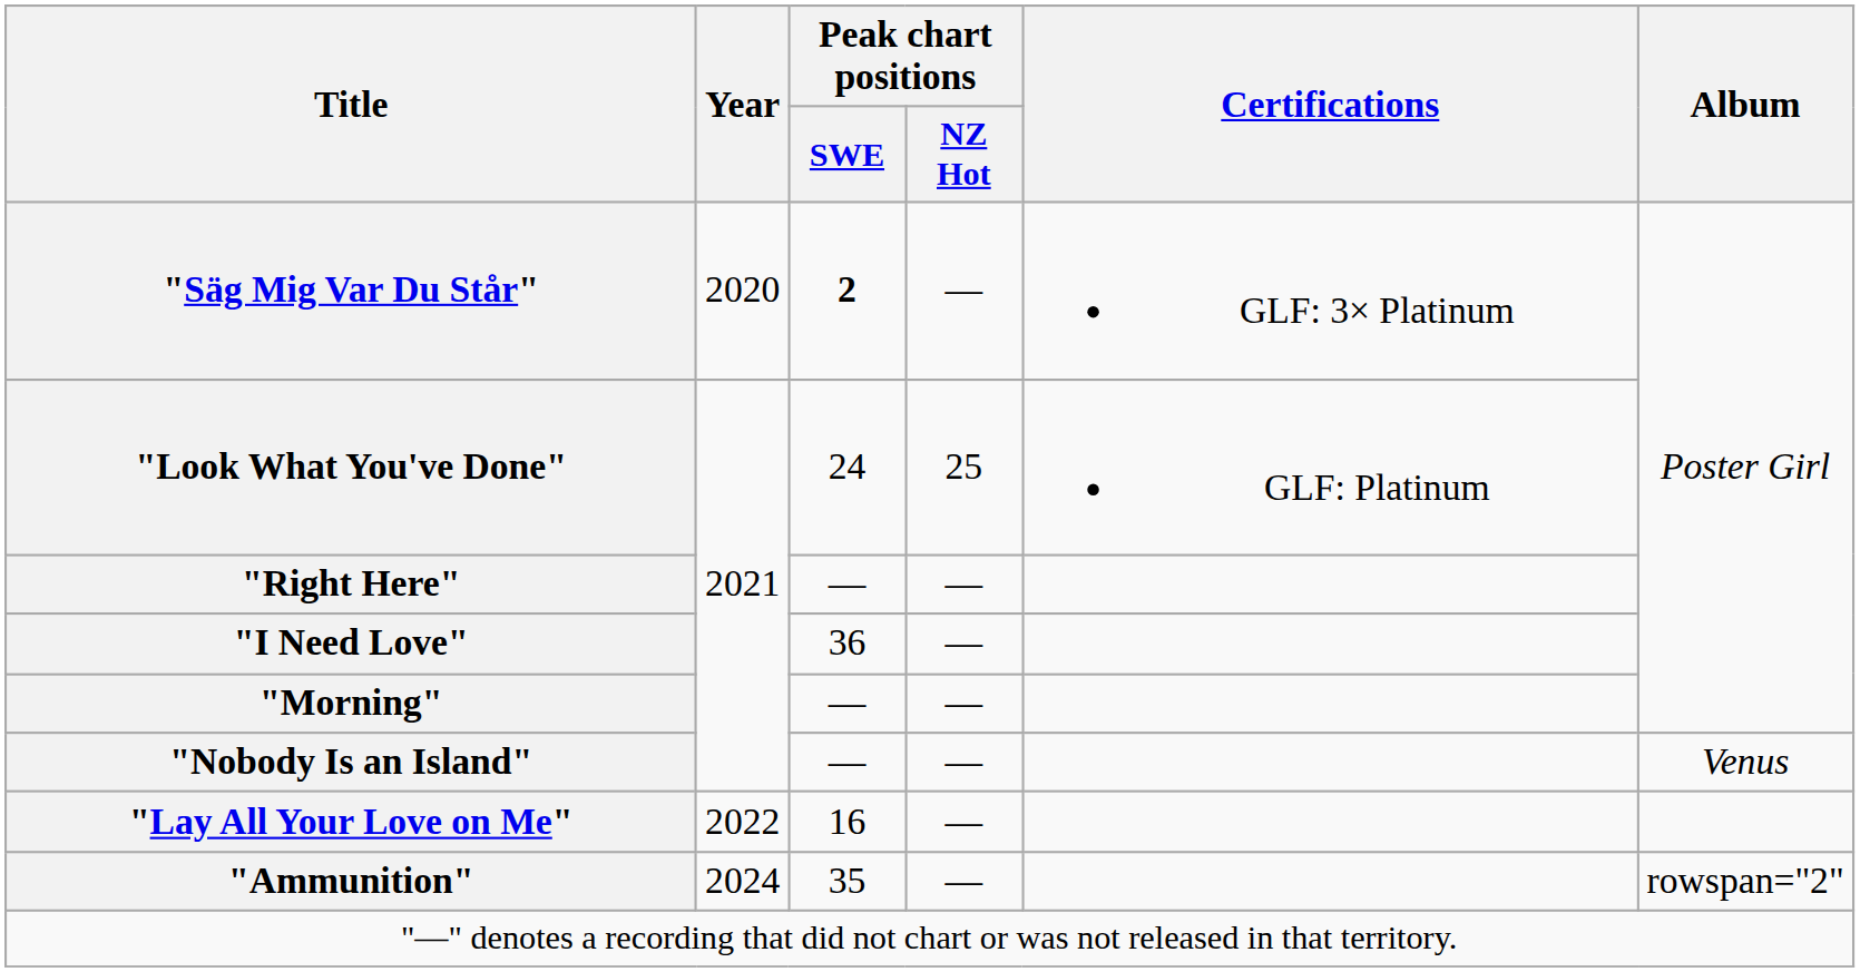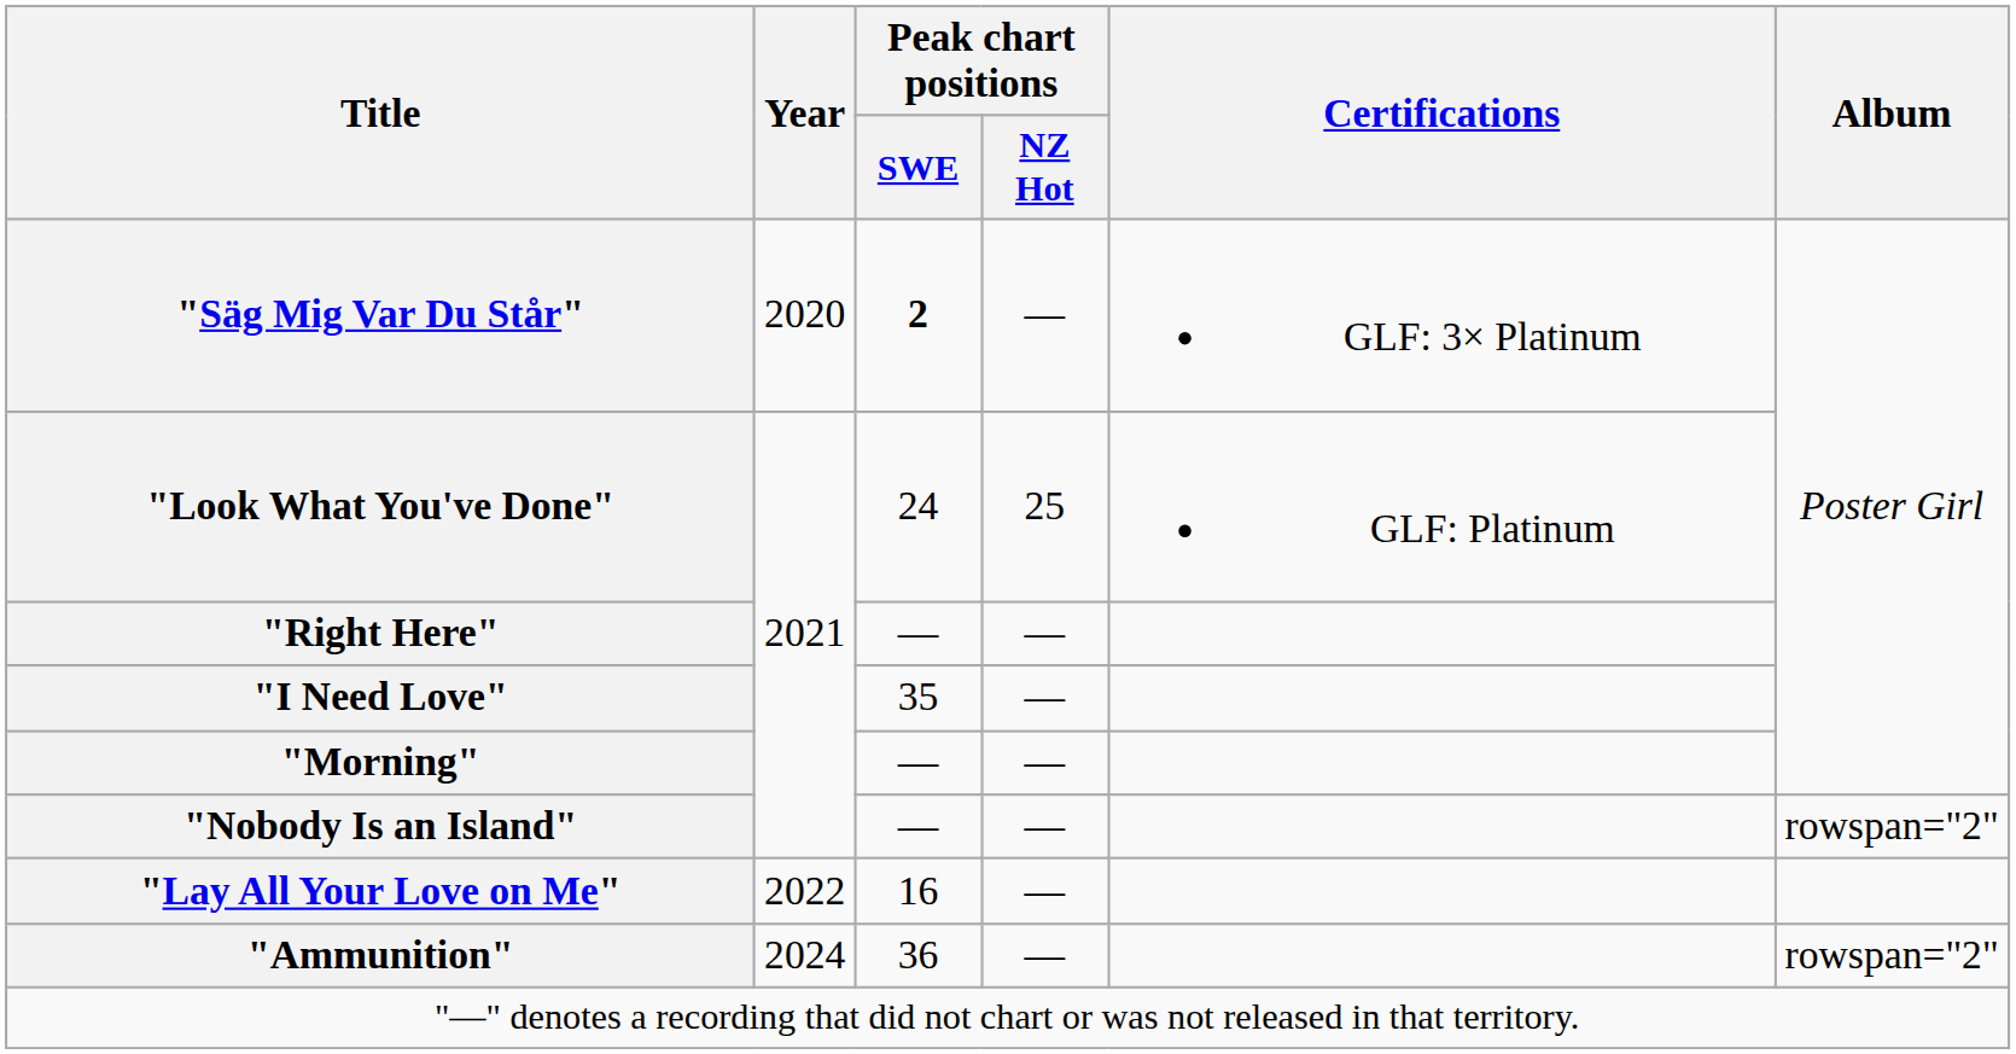 <table class="wikitable plainrowheaders" style="text-align:center;">
 <tr>
 <th scope="col" rowspan="2" style="width:18em;">Title</th>
 <th scope="col" rowspan="2" style="width:1em;">Year</th>
 <th scope="col" colspan="2">Peak chart positions</th>
 <th scope="col" rowspan="2"style="width:16em;"><a href='#'>Certifications</a></th>
 <th scope="col" rowspan="2">Album</th>
 </tr>
 <tr>
 <th scope="col" style="width:3em;font-size:90%;"><a href='#'>SWE</a><br></th>
 <th scope="col" style="width:3em;font-size:90%;"><a href='#'>NZ<br>Hot</a><br></th>
 </tr>
 <tr>
 <th scope="row">"<a href='#'>Säg Mig Var Du Står</a>" <br></th>
 <td>2020</td>
 <td><strong>2</strong></td>
 <td>—</td>
 <td><br><ul><li>GLF: 3× Platinum</li></ul></td>
 <td rowspan="5"><em>Poster Girl</em></td>
 </tr>
 <tr>
 <th scope="row">"Look What You've Done"</th>
 <td rowspan="5">2021</td>
 <td>24</td>
 <td>25</td>
 <td><br><ul><li>GLF: Platinum</li></ul></td>
 </tr>
 <tr>
 <th scope="row">"Right Here"<br></th>
 <td>—</td>
 <td>—</td>
 <td></td>
 </tr>
 <tr>
 <th scope="row">"I Need Love" <br></th>
-<td>36</td>
+<td>35<br></td>
 <td>—</td>
 <td></td>
 </tr>
 <tr>
 <th scope="row">"Morning"<br></th>
 <td>—</td>
 <td>—</td>
 <td></td>
 </tr>
 <tr>
 <th scope="row">"Nobody Is an Island"</th>
 <td>—</td>
 <td>—</td>
 <td></td>
-<td><em>Venus</em></td>
+<td>rowspan="2" </td>
 </tr>
 <tr>
 <th scope="row">"<a href='#'>Lay All Your Love on Me</a>"<br></th>
 <td>2022</td>
 <td>16</td>
 <td>—</td>
 <td></td>
 </tr>
 <tr>
 <th scope="row">"Ammunition"<br></th>
 <td>2024</td>
-<td>35<br></td>
+<td>36</td>
 <td>—</td>
 <td></td>
 <td>rowspan="2" </td>
 </tr>
 <tr>
 <td colspan="14" style="font-size:90%">"—" denotes a recording that did not chart or was not released in that territory.</td>
 </tr>
 </table>
